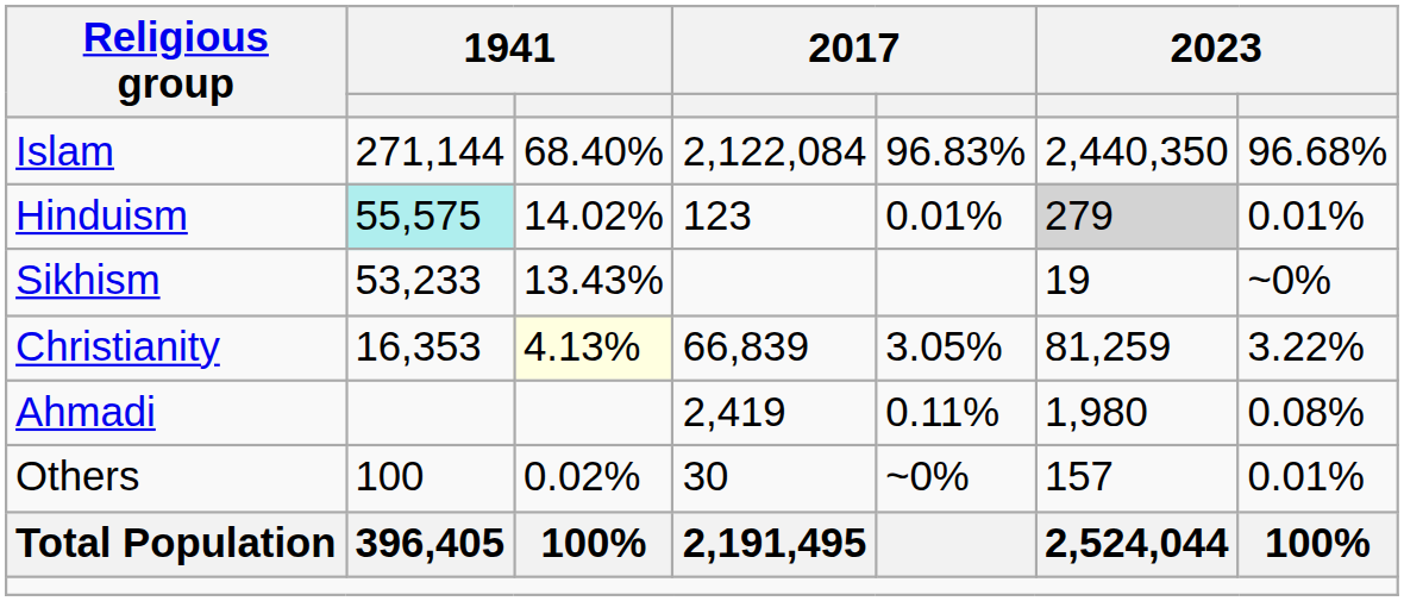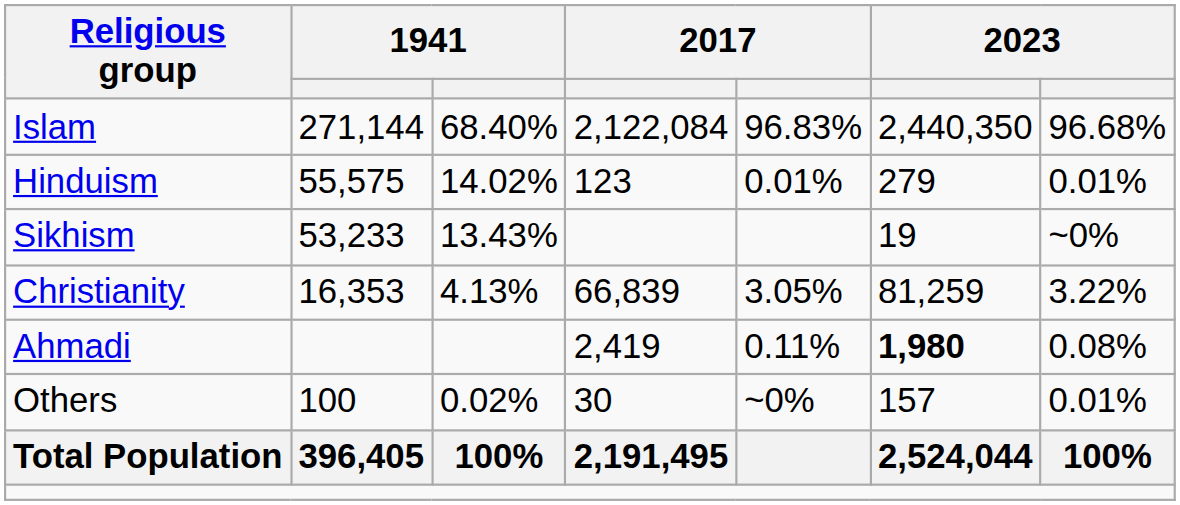 <table class="wikitable sortable">
 <tr>
 <th rowspan="2"><a href='#'>Religious</a><br>group</th>
 <th colspan="2">1941</th>
 <th colspan="2">2017</th>
 <th colspan="2">2023</th>
 </tr>
 <tr>
 <th><a href='#'></a></th>
 <th></th>
 <th></th>
 <th></th>
 <th></th>
 <th></th>
 </tr>
 <tr>
 <td><a href='#'>Islam</a> </td>
 <td>271,144</td>
 <td>68.40%</td>
 <td>2,122,084</td>
 <td>96.83%</td>
 <td>2,440,350</td>
 <td>96.68%</td>
 </tr>
 <tr>
 <td><a href='#'>Hinduism</a> </td>
-<td style="background: paleturquoise;">55,575</td>
+<td>55,575</td>
 <td>14.02%</td>
 <td>123</td>
 <td>0.01%</td>
-<td style="background: lightgrey;">279</td>
+<td>279</td>
 <td>0.01%</td>
 </tr>
 <tr>
 <td><a href='#'>Sikhism</a> </td>
 <td>53,233</td>
 <td>13.43%</td>
 <td></td>
 <td></td>
 <td>19</td>
 <td>~0%</td>
 </tr>
 <tr>
 <td><a href='#'>Christianity</a> </td>
 <td>16,353</td>
-<td style="background: lightyellow;">4.13%</td>
+<td>4.13%</td>
 <td>66,839</td>
 <td>3.05%</td>
 <td>81,259</td>
 <td>3.22%</td>
 </tr>
 <tr>
 <td><a href='#'>Ahmadi</a></td>
 <td></td>
 <td></td>
 <td>2,419</td>
 <td>0.11%</td>
-<td>1,980</td>
+<td><strong>1,980</strong></td>
 <td>0.08%</td>
 </tr>
 <tr>
 <td>Others</td>
 <td>100</td>
 <td>0.02%</td>
 <td>30</td>
 <td>~0%</td>
 <td>157</td>
 <td>0.01%</td>
 </tr>
 <tr>
 <th>Total Population</th>
 <th>396,405</th>
 <th>100%</th>
 <th>2,191,495</th>
 <th></th>
 <th>2,524,044</th>
 <th>100%</th>
 </tr>
 <tr class="sortbottom">
 <td colspan="7"></td>
 </tr>
 </table>
